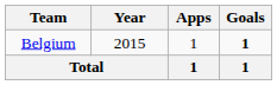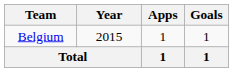 <table class="wikitable" style="text-align:center;">
 <tr>
 <th width="80">Team</th>
 <th width="70">Year</th>
 <th width="45">Apps</th>
 <th width="45">Goals</th>
 </tr>
 <tr>
 <td rowspan="1"><a href='#'>Belgium</a></td>
 <td>2015</td>
 <td>1</td>
-<td><strong>1</strong></td>
+<td>1</td>
 </tr>
 <tr>
 <th colspan="2">Total</th>
 <th>1</th>
 <th>1</th>
 </tr>
 </table>
